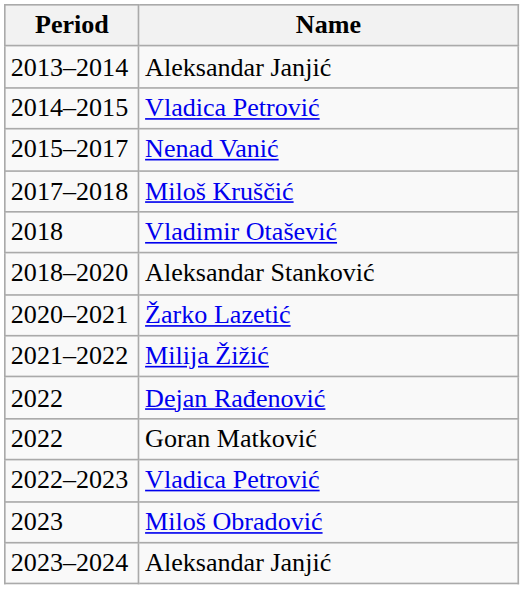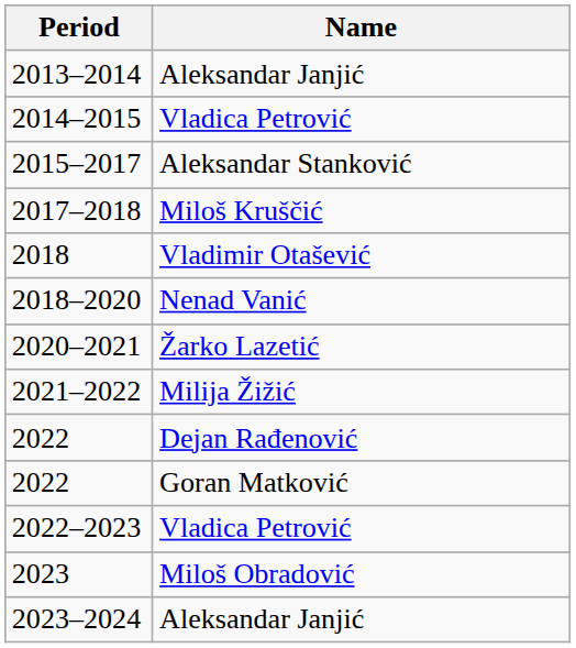 <table class="wikitable">
 <tr>
 <th width="75">Period</th>
 <th width="225">Name</th>
 </tr>
 <tr>
 <td>2013–2014</td>
 <td> Aleksandar Janjić</td>
 </tr>
 <tr>
 <td>2014–2015</td>
 <td> <a href='#'>Vladica Petrović</a></td>
 </tr>
 <tr>
 <td>2015–2017</td>
-<td> <a href='#'>Nenad Vanić</a></td>
+<td> Aleksandar Stanković</td>
 </tr>
 <tr>
 <td>2017–2018</td>
 <td> <a href='#'>Miloš Kruščić</a></td>
 </tr>
 <tr>
 <td>2018</td>
 <td> <a href='#'>Vladimir Otašević</a></td>
 </tr>
 <tr>
 <td>2018–2020</td>
-<td> Aleksandar Stanković</td>
+<td> <a href='#'>Nenad Vanić</a></td>
 </tr>
 <tr>
 <td>2020–2021</td>
 <td> <a href='#'>Žarko Lazetić</a></td>
 </tr>
 <tr>
 <td>2021–2022</td>
 <td> <a href='#'>Milija Žižić</a></td>
 </tr>
 <tr>
 <td>2022</td>
 <td> <a href='#'>Dejan Rađenović</a></td>
 </tr>
 <tr>
 <td>2022</td>
 <td> Goran Matković</td>
 </tr>
 <tr>
 <td>2022–2023</td>
 <td> <a href='#'>Vladica Petrović</a></td>
 </tr>
 <tr>
 <td>2023</td>
 <td> <a href='#'>Miloš Obradović</a></td>
 </tr>
 <tr>
 <td>2023–2024</td>
 <td> Aleksandar Janjić</td>
 </tr>
 </table>
